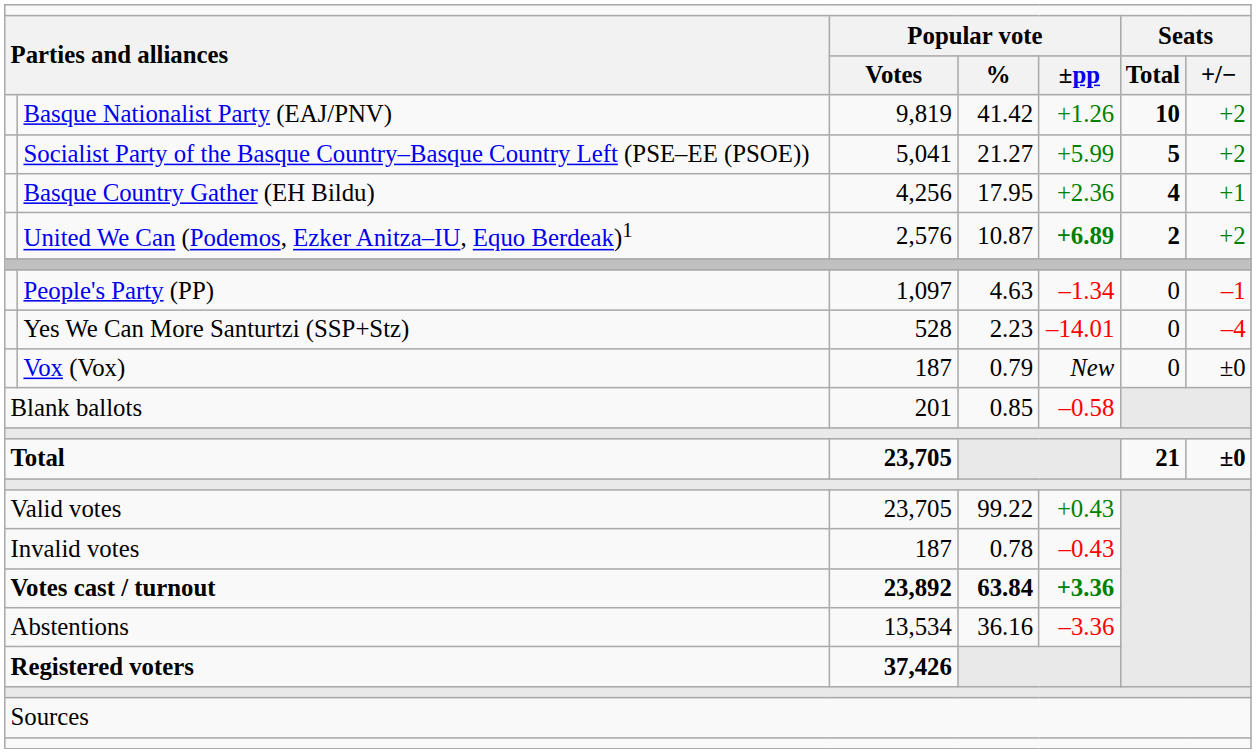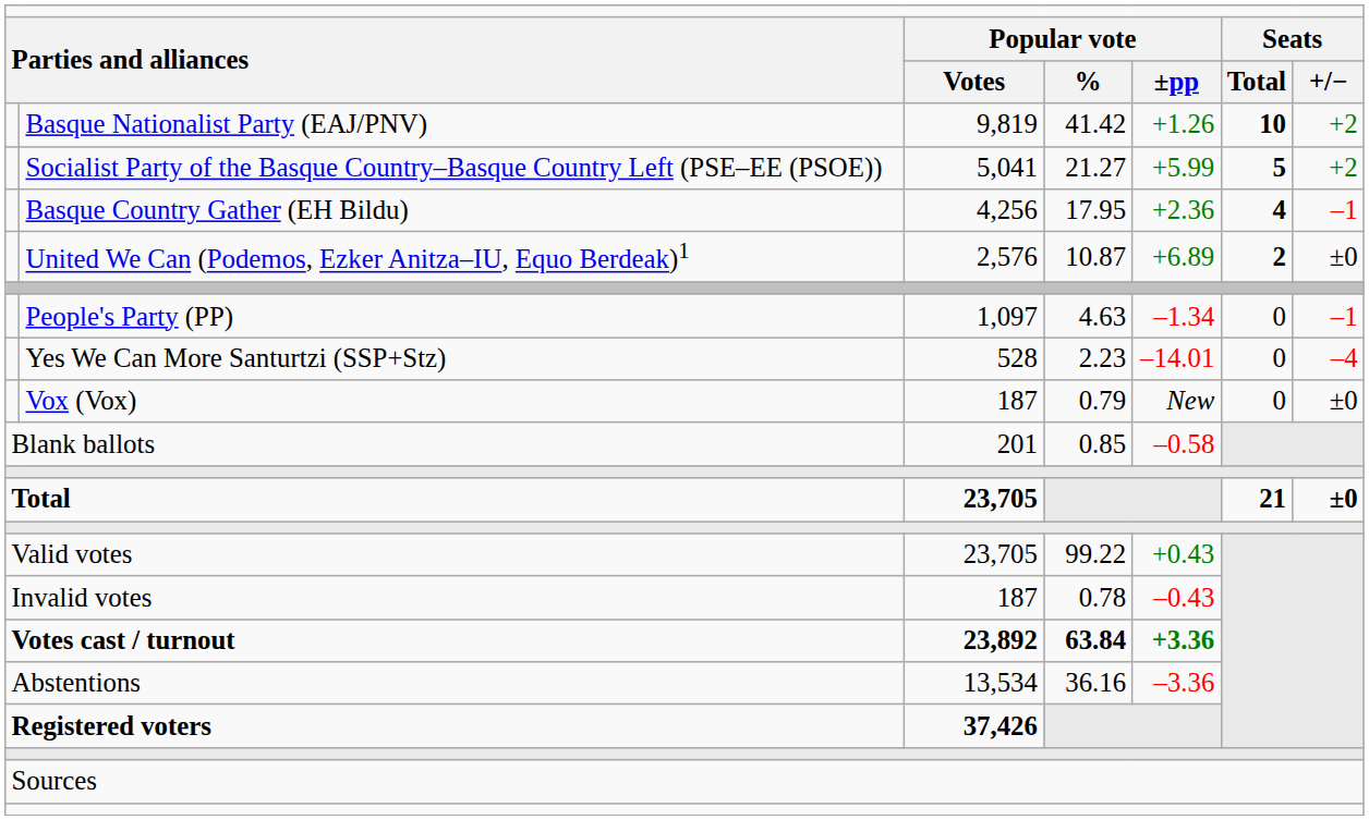 <table class="wikitable" style="text-align:right;">
 <tr>
 <td colspan="7"></td>
 </tr>
 <tr>
 <th style="text-align:left;" rowspan="2" colspan="2" width="525">Parties and alliances</th>
 <th colspan="3">Popular vote</th>
 <th colspan="2">Seats</th>
 </tr>
 <tr>
 <th width="75">Votes</th>
 <th width="45">%</th>
 <th width="45">±<a href='#'>pp</a></th>
 <th width="35">Total</th>
 <th width="35">+/−</th>
 </tr>
 <tr>
 <td width="1" style="color:inherit;background:"></td>
 <td align="left"><a href='#'>Basque Nationalist Party</a> (EAJ/PNV)</td>
 <td>9,819</td>
 <td>41.42</td>
 <td style="color:green;">+1.26</td>
 <td><strong>10</strong></td>
 <td style="color:green;">+2</td>
 </tr>
 <tr>
 <td style="color:inherit;background:"></td>
 <td align="left"><a href='#'>Socialist Party of the Basque Country–Basque Country Left</a> (PSE–EE (PSOE))</td>
 <td>5,041</td>
 <td>21.27</td>
 <td style="color:green;">+5.99</td>
 <td><strong>5</strong></td>
 <td style="color:green;">+2</td>
 </tr>
 <tr>
 <td style="color:inherit;background:"></td>
 <td align="left"><a href='#'>Basque Country Gather</a> (EH Bildu)</td>
 <td>4,256</td>
 <td>17.95</td>
 <td style="color:green;">+2.36</td>
 <td><strong>4</strong></td>
-<td style="color:green;">+1</td>
+<td style="color:red;">–1</td>
 </tr>
 <tr>
 <td style="color:inherit;background:"></td>
 <td align="left"><a href='#'>United We Can</a> (<a href='#'>Podemos</a>, <a href='#'>Ezker Anitza–IU</a>, <a href='#'>Equo Berdeak</a>)<sup>1</sup></td>
 <td>2,576</td>
 <td>10.87</td>
-<td style="color:green;"><strong>+6.89</strong></td>
+<td style="color:green;">+6.89</td>
 <td><strong>2</strong></td>
-<td style="color:green;">+2</td>
+<td>±0</td>
 </tr>
 <tr>
 <td colspan="7" bgcolor="#C0C0C0"></td>
 </tr>
 <tr>
 <td style="color:inherit;background:"></td>
 <td align="left"><a href='#'>People's Party</a> (PP)</td>
 <td>1,097</td>
 <td>4.63</td>
 <td style="color:red;">–1.34</td>
 <td>0</td>
 <td style="color:red;">–1</td>
 </tr>
 <tr>
 <td style="color:inherit;background:"></td>
 <td align="left">Yes We Can More Santurtzi (SSP+Stz)</td>
 <td>528</td>
 <td>2.23</td>
 <td style="color:red;">–14.01</td>
 <td>0</td>
 <td style="color:red;">–4</td>
 </tr>
 <tr>
 <td style="color:inherit;background:"></td>
 <td align="left"><a href='#'>Vox</a> (Vox)</td>
 <td>187</td>
 <td>0.79</td>
 <td><em>New</em></td>
 <td>0</td>
 <td>±0</td>
 </tr>
 <tr>
 <td align="left" colspan="2">Blank ballots</td>
 <td>201</td>
 <td>0.85</td>
 <td style="color:red;">–0.58</td>
 <td bgcolor="#E9E9E9" colspan="2"></td>
 </tr>
 <tr>
 <td colspan="7" bgcolor="#E9E9E9"></td>
 </tr>
 <tr style="font-weight:bold;">
 <td align="left" colspan="2">Total</td>
 <td>23,705</td>
 <td bgcolor="#E9E9E9" colspan="2"></td>
 <td>21</td>
 <td>±0</td>
 </tr>
 <tr>
 <td colspan="7" bgcolor="#E9E9E9"></td>
 </tr>
 <tr>
 <td align="left" colspan="2">Valid votes</td>
 <td>23,705</td>
 <td>99.22</td>
 <td style="color:green;">+0.43</td>
 <td bgcolor="#E9E9E9" colspan="2" rowspan="5"></td>
 </tr>
 <tr>
 <td align="left" colspan="2">Invalid votes</td>
 <td>187</td>
 <td>0.78</td>
 <td style="color:red;">–0.43</td>
 </tr>
 <tr style="font-weight:bold;">
 <td align="left" colspan="2">Votes cast / turnout</td>
 <td>23,892</td>
 <td>63.84</td>
 <td style="color:green;">+3.36</td>
 </tr>
 <tr>
 <td align="left" colspan="2">Abstentions</td>
 <td>13,534</td>
 <td>36.16</td>
 <td style="color:red;">–3.36</td>
 </tr>
 <tr style="font-weight:bold;">
 <td align="left" colspan="2">Registered voters</td>
 <td>37,426</td>
 <td bgcolor="#E9E9E9" colspan="2"></td>
 </tr>
 <tr>
 <td colspan="7" bgcolor="#E9E9E9"></td>
 </tr>
 <tr>
 <td align="left" colspan="7">Sources</td>
 </tr>
 <tr>
 <td colspan="7" style="text-align:left; max-width:790px;"></td>
 </tr>
 </table>
